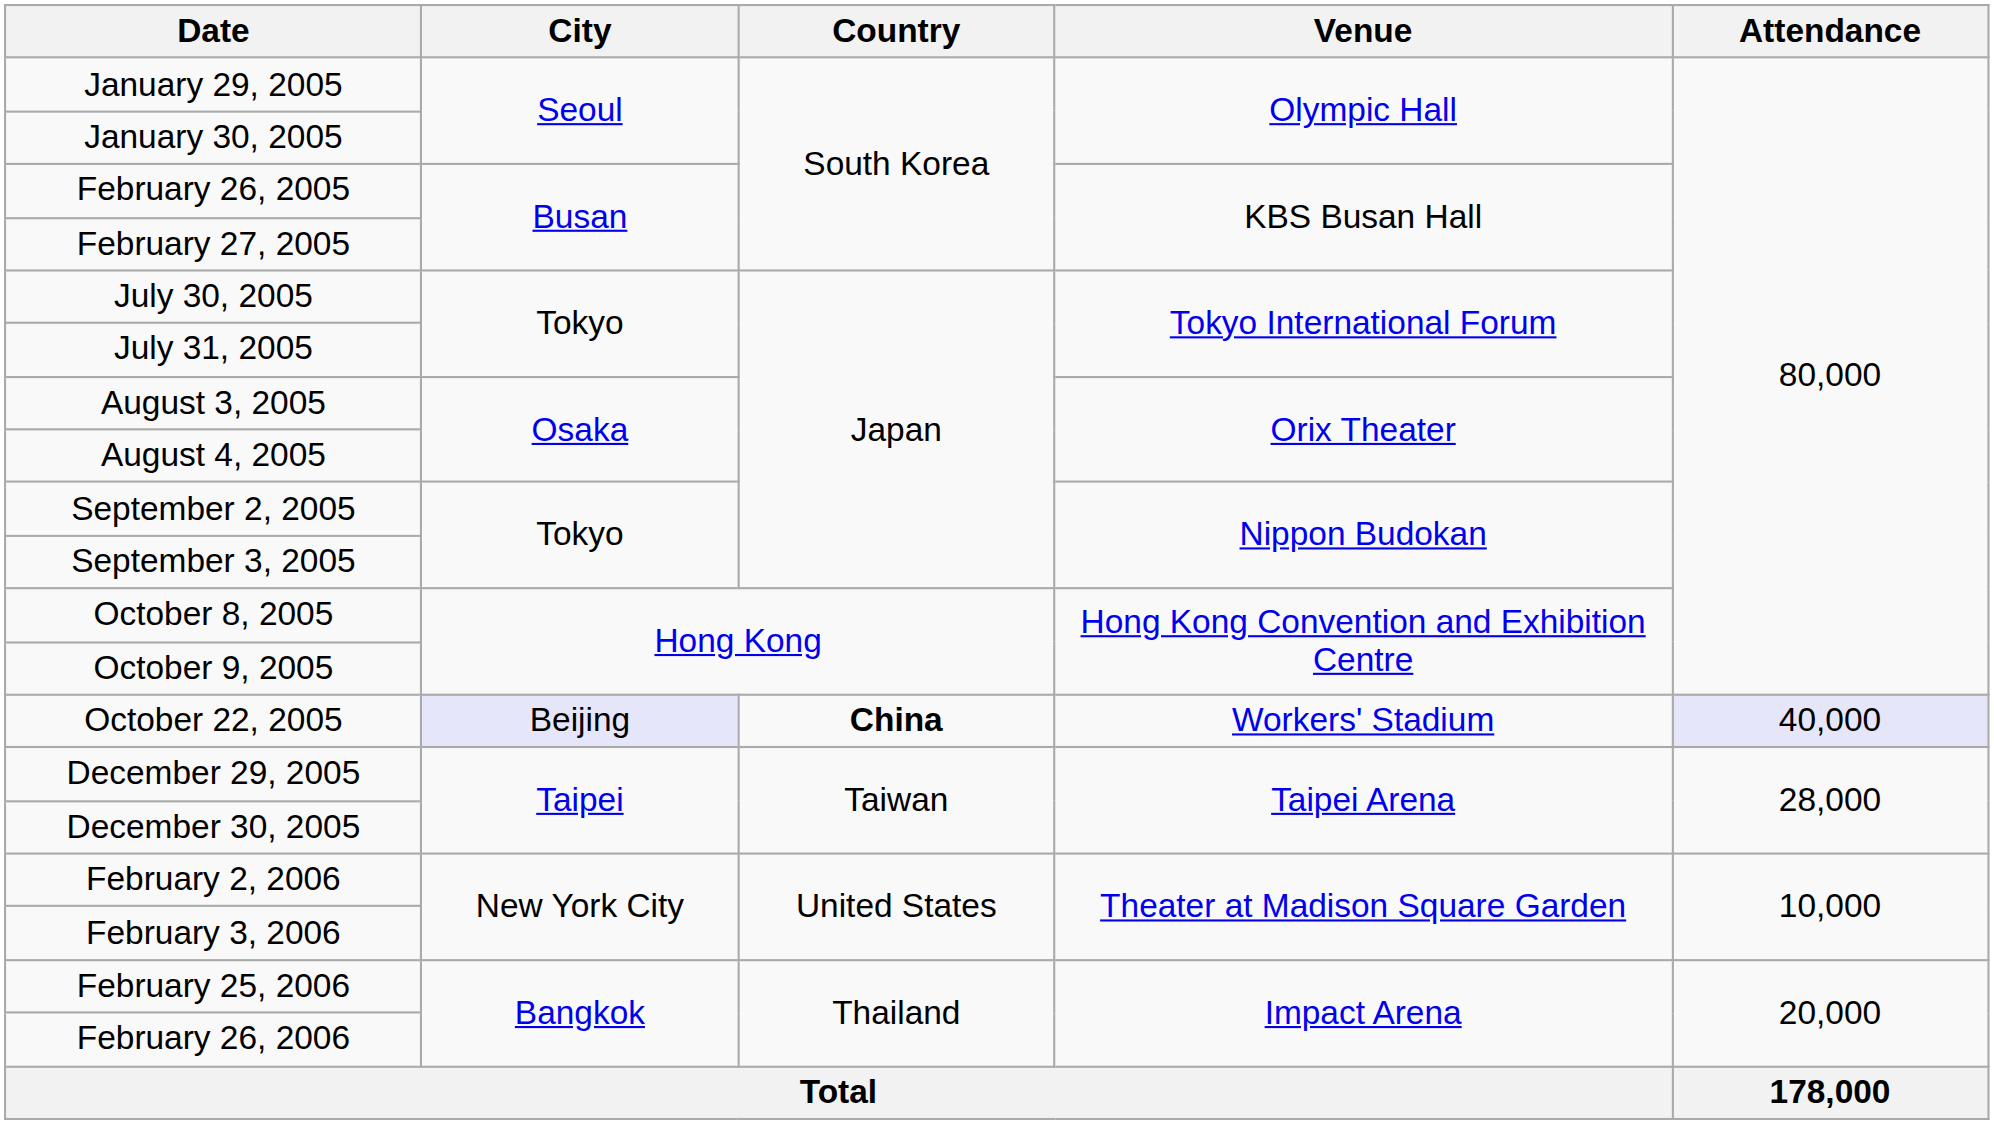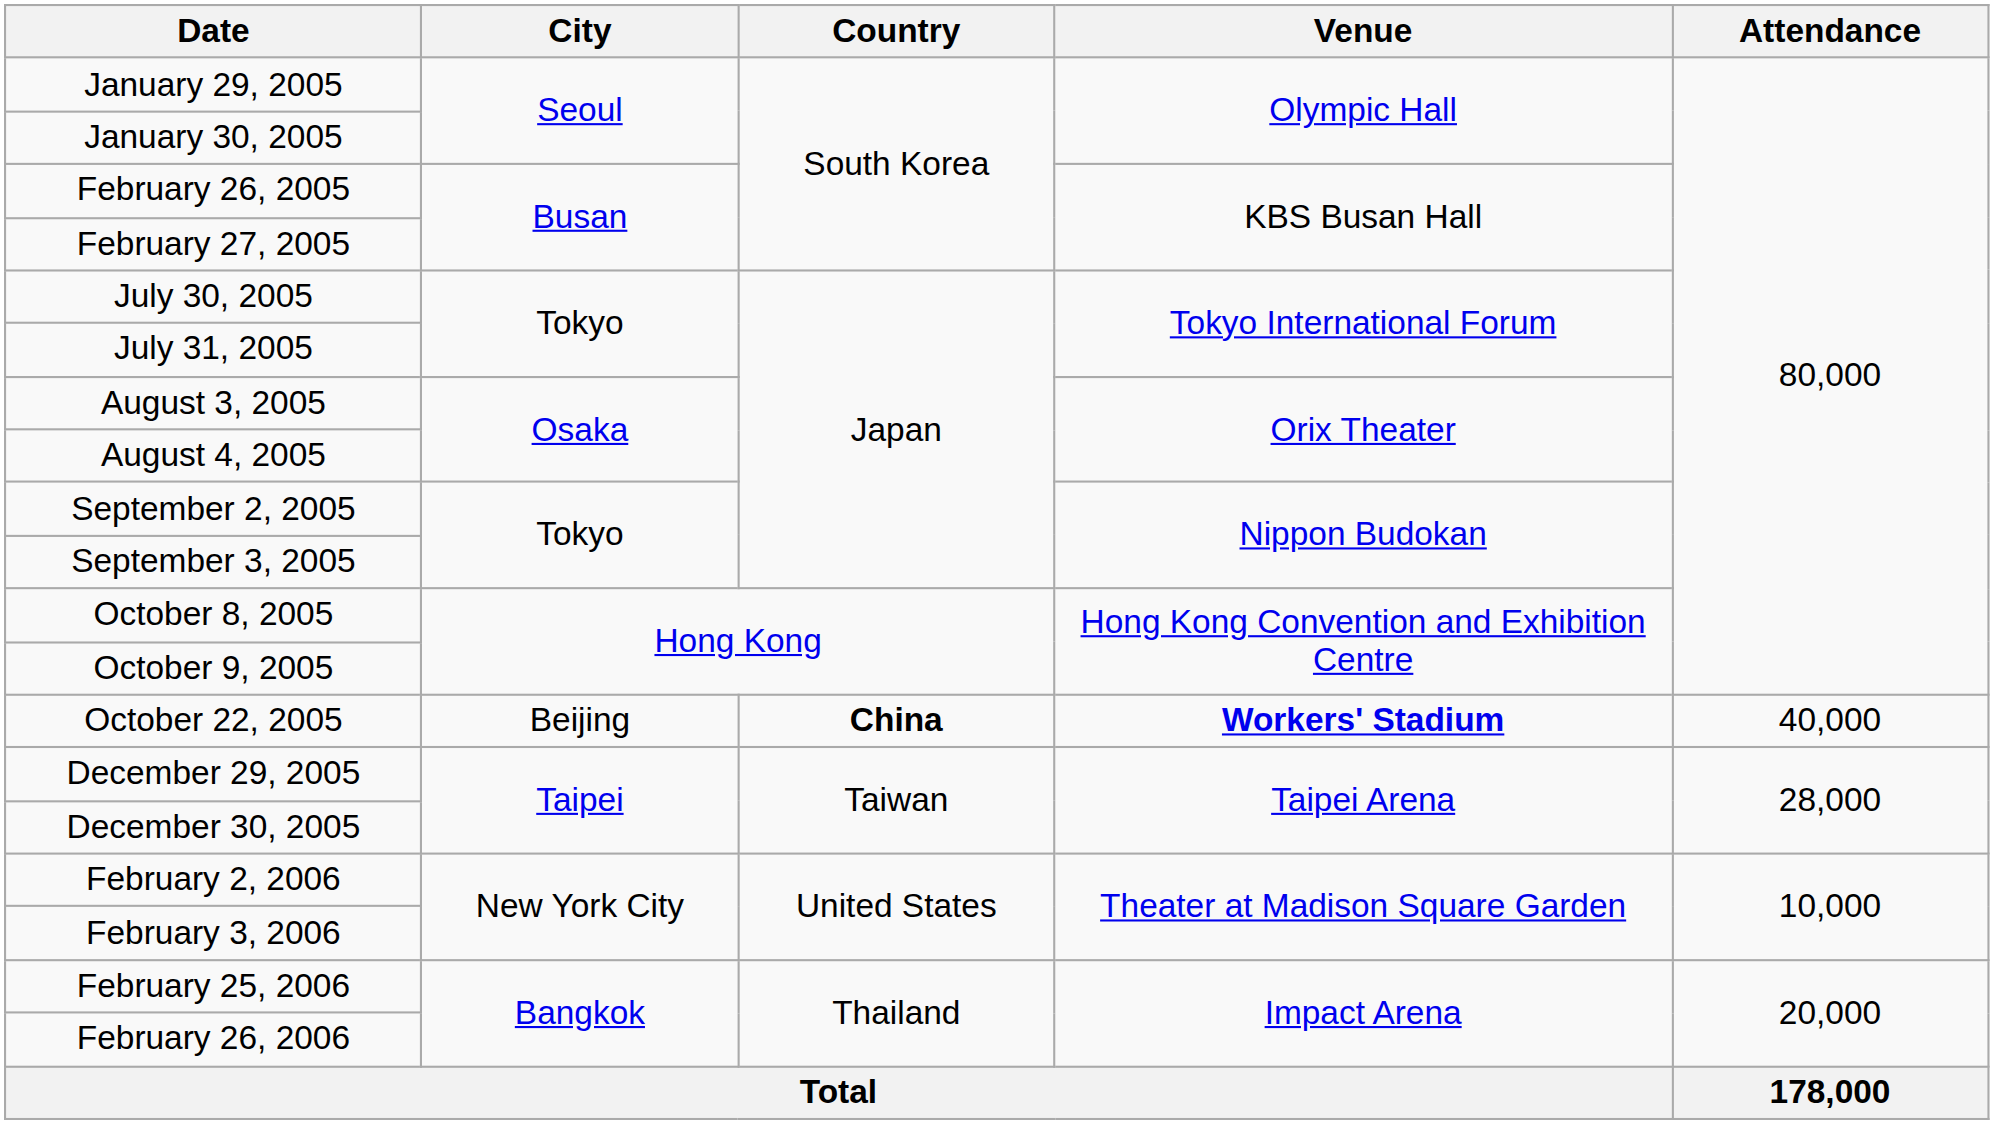 <table class="wikitable" style="text-align:center;">
 <tr>
 <th scope="col" style="width:12em;">Date</th>
 <th scope="col" style="width:9em;">City</th>
 <th scope="col" style="width:9em;">Country</th>
 <th scope="col" style="width:18em;">Venue</th>
 <th scope="col" style="width:9em;">Attendance</th>
 </tr>
 <tr>
 <td>January 29, 2005</td>
 <td rowspan="2"><a href='#'>Seoul</a></td>
 <td rowspan="4">South Korea</td>
 <td rowspan="2"><a href='#'>Olympic Hall</a></td>
 <td rowspan="12">80,000</td>
 </tr>
 <tr>
 <td>January 30, 2005</td>
 </tr>
 <tr>
 <td>February 26, 2005</td>
 <td rowspan="2"><a href='#'>Busan</a></td>
 <td rowspan="2">KBS Busan Hall</td>
 </tr>
 <tr>
 <td>February 27, 2005</td>
 </tr>
 <tr>
 <td>July 30, 2005</td>
 <td rowspan="2">Tokyo</td>
 <td rowspan="6">Japan</td>
 <td rowspan="2"><a href='#'>Tokyo International Forum</a></td>
 </tr>
 <tr>
 <td>July 31, 2005</td>
 </tr>
 <tr>
 <td>August 3, 2005</td>
 <td rowspan="2"><a href='#'>Osaka</a></td>
 <td rowspan="2"><a href='#'>Orix Theater</a></td>
 </tr>
 <tr>
 <td>August 4, 2005</td>
 </tr>
 <tr>
 <td>September 2, 2005</td>
 <td rowspan="2">Tokyo</td>
 <td rowspan="2"><a href='#'>Nippon Budokan</a></td>
 </tr>
 <tr>
 <td>September 3, 2005</td>
 </tr>
 <tr>
 <td>October 8, 2005</td>
 <td colspan="2" rowspan="2"><a href='#'>Hong Kong</a></td>
 <td rowspan="2"><a href='#'>Hong Kong Convention and Exhibition Centre</a></td>
 </tr>
 <tr>
 <td>October 9, 2005</td>
 </tr>
 <tr>
 <td>October 22, 2005</td>
-<td style="background: lavender;">Beijing</td>
+<td>Beijing</td>
 <td><strong>China</strong></td>
-<td><a href='#'>Workers' Stadium</a></td>
-<td style="background: lavender;">40,000</td>
+<td><strong><a href='#'>Workers' Stadium</a></strong></td>
+<td>40,000</td>
 </tr>
 <tr>
 <td>December 29, 2005</td>
 <td rowspan="2"><a href='#'>Taipei</a></td>
 <td rowspan="2">Taiwan</td>
 <td rowspan="2"><a href='#'>Taipei Arena</a></td>
 <td rowspan="2">28,000</td>
 </tr>
 <tr>
 <td>December 30, 2005</td>
 </tr>
 <tr>
 <td>February 2, 2006</td>
 <td rowspan="2">New York City</td>
 <td rowspan="2">United States</td>
 <td rowspan="2"><a href='#'>Theater at Madison Square Garden</a></td>
 <td rowspan="2">10,000</td>
 </tr>
 <tr>
 <td>February 3, 2006</td>
 </tr>
 <tr>
 <td>February 25, 2006</td>
 <td rowspan="2"><a href='#'>Bangkok</a></td>
 <td rowspan="2">Thailand</td>
 <td rowspan="2"><a href='#'>Impact Arena</a></td>
 <td rowspan="2">20,000</td>
 </tr>
 <tr>
 <td>February 26, 2006</td>
 </tr>
 <tr>
 <th colspan="4">Total</th>
 <th>178,000</th>
 </tr>
 </table>
